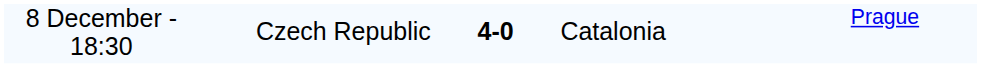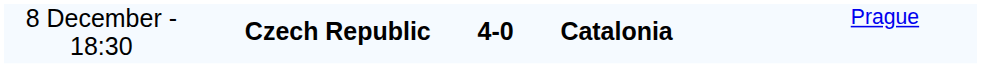 <table style="width: 100%; background:#F5FAFF;" cellspacing="0">
 <tr>
 <td align=center rowspan=3 width=20%>8 December - 18:30</td>
 </tr>
 <tr>
-<td width=24% align=right>Czech Republic </td>
+<td width=24% align=right><strong>Czech Republic </strong></td>
 <td align=center width=13%><strong>4-0</strong></td>
-<td width=24%> Catalonia</td>
+<td width=24%><strong> Catalonia</strong></td>
 <td style=font-size:85% rowspan=3 valign=top align=center><a href='#'>Prague</a></td>
 </tr>
 <tr style=font-size:85%>
 <td align=right valign=top></td>
 <td></td>
 <td></td>
 </tr>
 </table>
